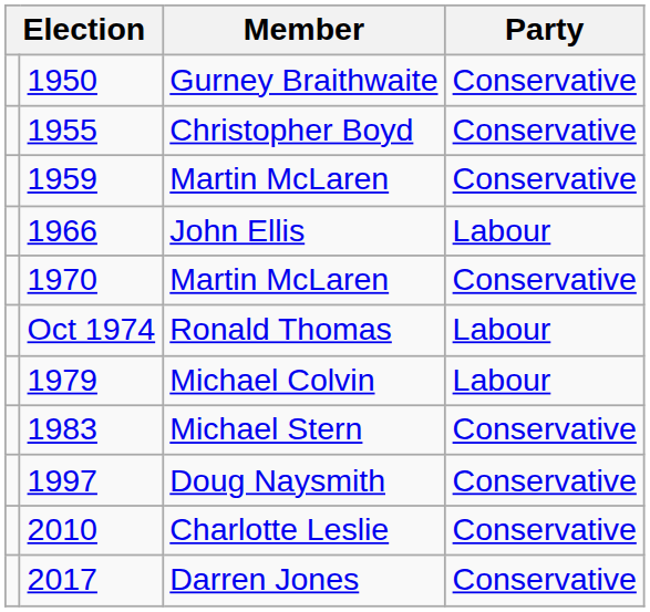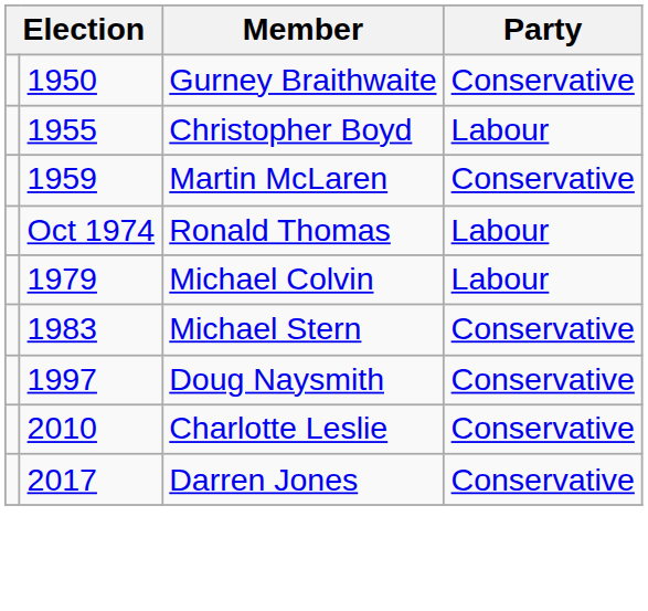 <table class="wikitable">
 <tr>
 <th colspan="2">Election</th>
 <th>Member</th>
 <th>Party</th>
 </tr>
 <tr>
 <td style="color:inherit;background-color: "></td>
 <td><a href='#'>1950</a></td>
 <td><a href='#'>Gurney Braithwaite</a></td>
 <td><a href='#'>Conservative</a></td>
 </tr>
 <tr>
 <td style="color:inherit;background-color: "></td>
 <td><a href='#'>1955</a></td>
 <td><a href='#'>Christopher Boyd</a></td>
-<td><a href='#'>Conservative</a></td>
+<td><a href='#'>Labour</a></td>
 </tr>
 <tr>
 <td style="color:inherit;background-color: "></td>
 <td><a href='#'>1959</a></td>
-<td><a href='#'>Martin McLaren</a></td>
-<td><a href='#'>Conservative</a></td>
-</tr>
-<tr>
-<td style="color:inherit;background-color: "></td>
-<td><a href='#'>1966</a></td>
-<td><a href='#'>John Ellis</a></td>
-<td><a href='#'>Labour</a></td>
-</tr>
-<tr>
-<td style="color:inherit;background-color: "></td>
-<td><a href='#'>1970</a></td>
 <td><a href='#'>Martin McLaren</a></td>
 <td><a href='#'>Conservative</a></td>
 </tr>
 <tr>
 <td style="color:inherit;background-color: "></td>
 <td><a href='#'>Oct 1974</a></td>
 <td><a href='#'>Ronald Thomas</a></td>
 <td><a href='#'>Labour</a></td>
 </tr>
 <tr>
 <td style="color:inherit;background-color: "></td>
 <td><a href='#'>1979</a></td>
 <td><a href='#'>Michael Colvin</a></td>
 <td><a href='#'>Labour</a></td>
 </tr>
 <tr>
 <td style="color:inherit;background-color: "></td>
 <td><a href='#'>1983</a></td>
 <td><a href='#'>Michael Stern</a></td>
 <td><a href='#'>Conservative</a></td>
 </tr>
 <tr>
 <td style="color:inherit;background-color: "></td>
 <td><a href='#'>1997</a></td>
 <td><a href='#'>Doug Naysmith</a></td>
 <td><a href='#'>Conservative</a></td>
 </tr>
 <tr>
 <td style="color:inherit;background-color: "></td>
 <td><a href='#'>2010</a></td>
 <td><a href='#'>Charlotte Leslie</a></td>
 <td><a href='#'>Conservative</a></td>
 </tr>
 <tr>
 <td style="color:inherit;background-color: "></td>
 <td><a href='#'>2017</a></td>
 <td><a href='#'>Darren Jones</a></td>
 <td><a href='#'>Conservative</a></td>
 </tr>
 </table>
